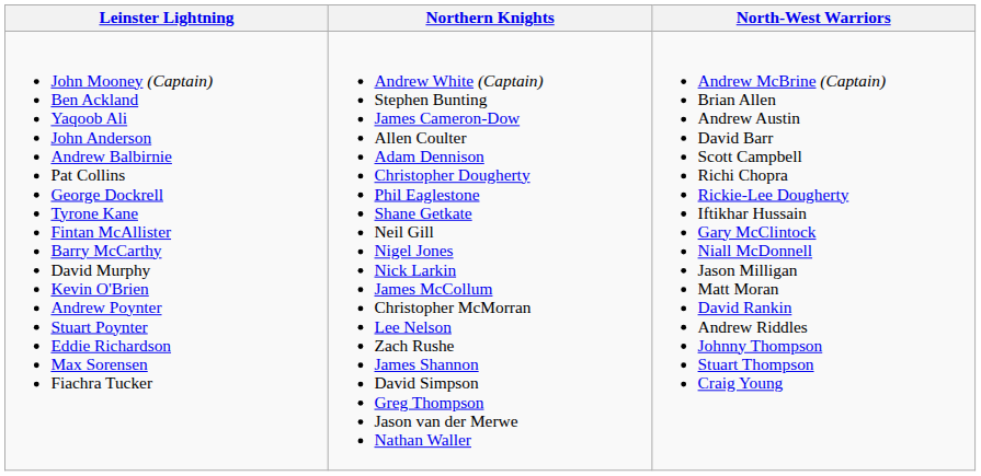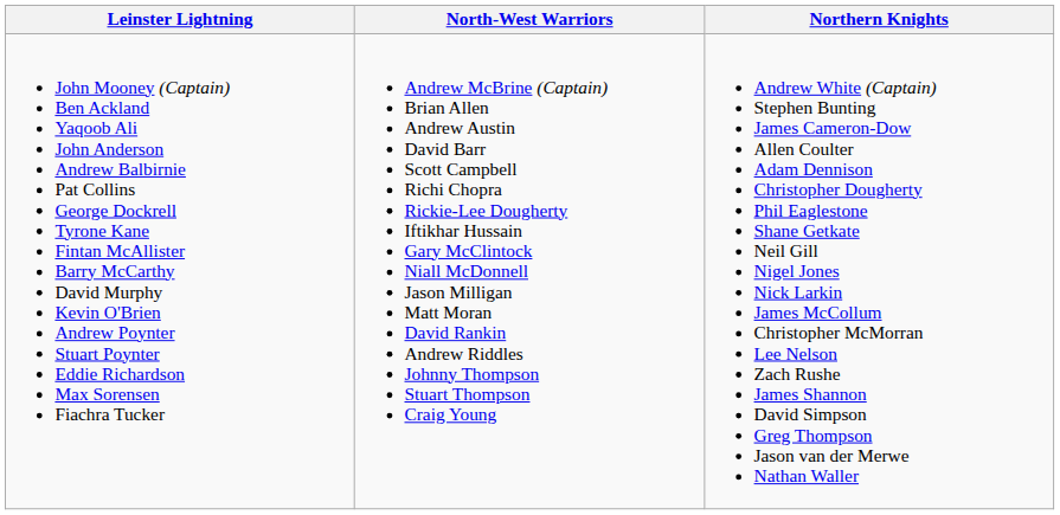 <table class="wikitable">
 <tr>
 <th width=300><a href='#'>Leinster Lightning</a></th>
+<th width=300><a href='#'>North-West Warriors</a></th>
 <th width=300><a href='#'>Northern Knights</a></th>
-<th width=300><a href='#'>North-West Warriors</a></th>
 </tr>
 <tr>
 <td valign=top><br><ul><li><a href='#'>John Mooney</a> <em>(Captain)</em></li><li><a href='#'>Ben Ackland</a></li><li><a href='#'>Yaqoob Ali</a></li><li><a href='#'>John Anderson</a></li><li><a href='#'>Andrew Balbirnie</a></li><li>Pat Collins</li><li><a href='#'>George Dockrell</a></li><li><a href='#'>Tyrone Kane</a></li><li><a href='#'>Fintan McAllister</a></li><li><a href='#'>Barry McCarthy</a></li><li>David Murphy</li><li><a href='#'>Kevin O'Brien</a></li><li><a href='#'>Andrew Poynter</a></li><li><a href='#'>Stuart Poynter</a></li><li><a href='#'>Eddie Richardson</a></li><li><a href='#'>Max Sorensen</a></li><li>Fiachra Tucker</li></ul></td>
+<td valign=top><br><ul><li><a href='#'>Andrew McBrine</a> <em>(Captain)</em></li><li>Brian Allen</li><li>Andrew Austin</li><li>David Barr</li><li>Scott Campbell</li><li>Richi Chopra</li><li><a href='#'>Rickie-Lee Dougherty</a></li><li>Iftikhar Hussain</li><li><a href='#'>Gary McClintock</a></li><li><a href='#'>Niall McDonnell</a></li><li>Jason Milligan</li><li>Matt Moran</li><li><a href='#'>David Rankin</a></li><li>Andrew Riddles</li><li><a href='#'>Johnny Thompson</a></li><li><a href='#'>Stuart Thompson</a></li><li><a href='#'>Craig Young</a></li></ul></td>
 <td valign=top><br><ul><li><a href='#'>Andrew White</a> <em>(Captain)</em></li><li>Stephen Bunting</li><li><a href='#'>James Cameron-Dow</a></li><li>Allen Coulter</li><li><a href='#'>Adam Dennison</a></li><li><a href='#'>Christopher Dougherty</a></li><li><a href='#'>Phil Eaglestone</a></li><li><a href='#'>Shane Getkate</a></li><li>Neil Gill</li><li><a href='#'>Nigel Jones</a></li><li><a href='#'>Nick Larkin</a></li><li><a href='#'>James McCollum</a></li><li>Christopher McMorran</li><li><a href='#'>Lee Nelson</a></li><li>Zach Rushe</li><li><a href='#'>James Shannon</a></li><li>David Simpson</li><li><a href='#'>Greg Thompson</a></li><li>Jason van der Merwe</li><li><a href='#'>Nathan Waller</a></li></ul></td>
-<td valign=top><br><ul><li><a href='#'>Andrew McBrine</a> <em>(Captain)</em></li><li>Brian Allen</li><li>Andrew Austin</li><li>David Barr</li><li>Scott Campbell</li><li>Richi Chopra</li><li><a href='#'>Rickie-Lee Dougherty</a></li><li>Iftikhar Hussain</li><li><a href='#'>Gary McClintock</a></li><li><a href='#'>Niall McDonnell</a></li><li>Jason Milligan</li><li>Matt Moran</li><li><a href='#'>David Rankin</a></li><li>Andrew Riddles</li><li><a href='#'>Johnny Thompson</a></li><li><a href='#'>Stuart Thompson</a></li><li><a href='#'>Craig Young</a></li></ul></td>
 </tr>
 </table>
